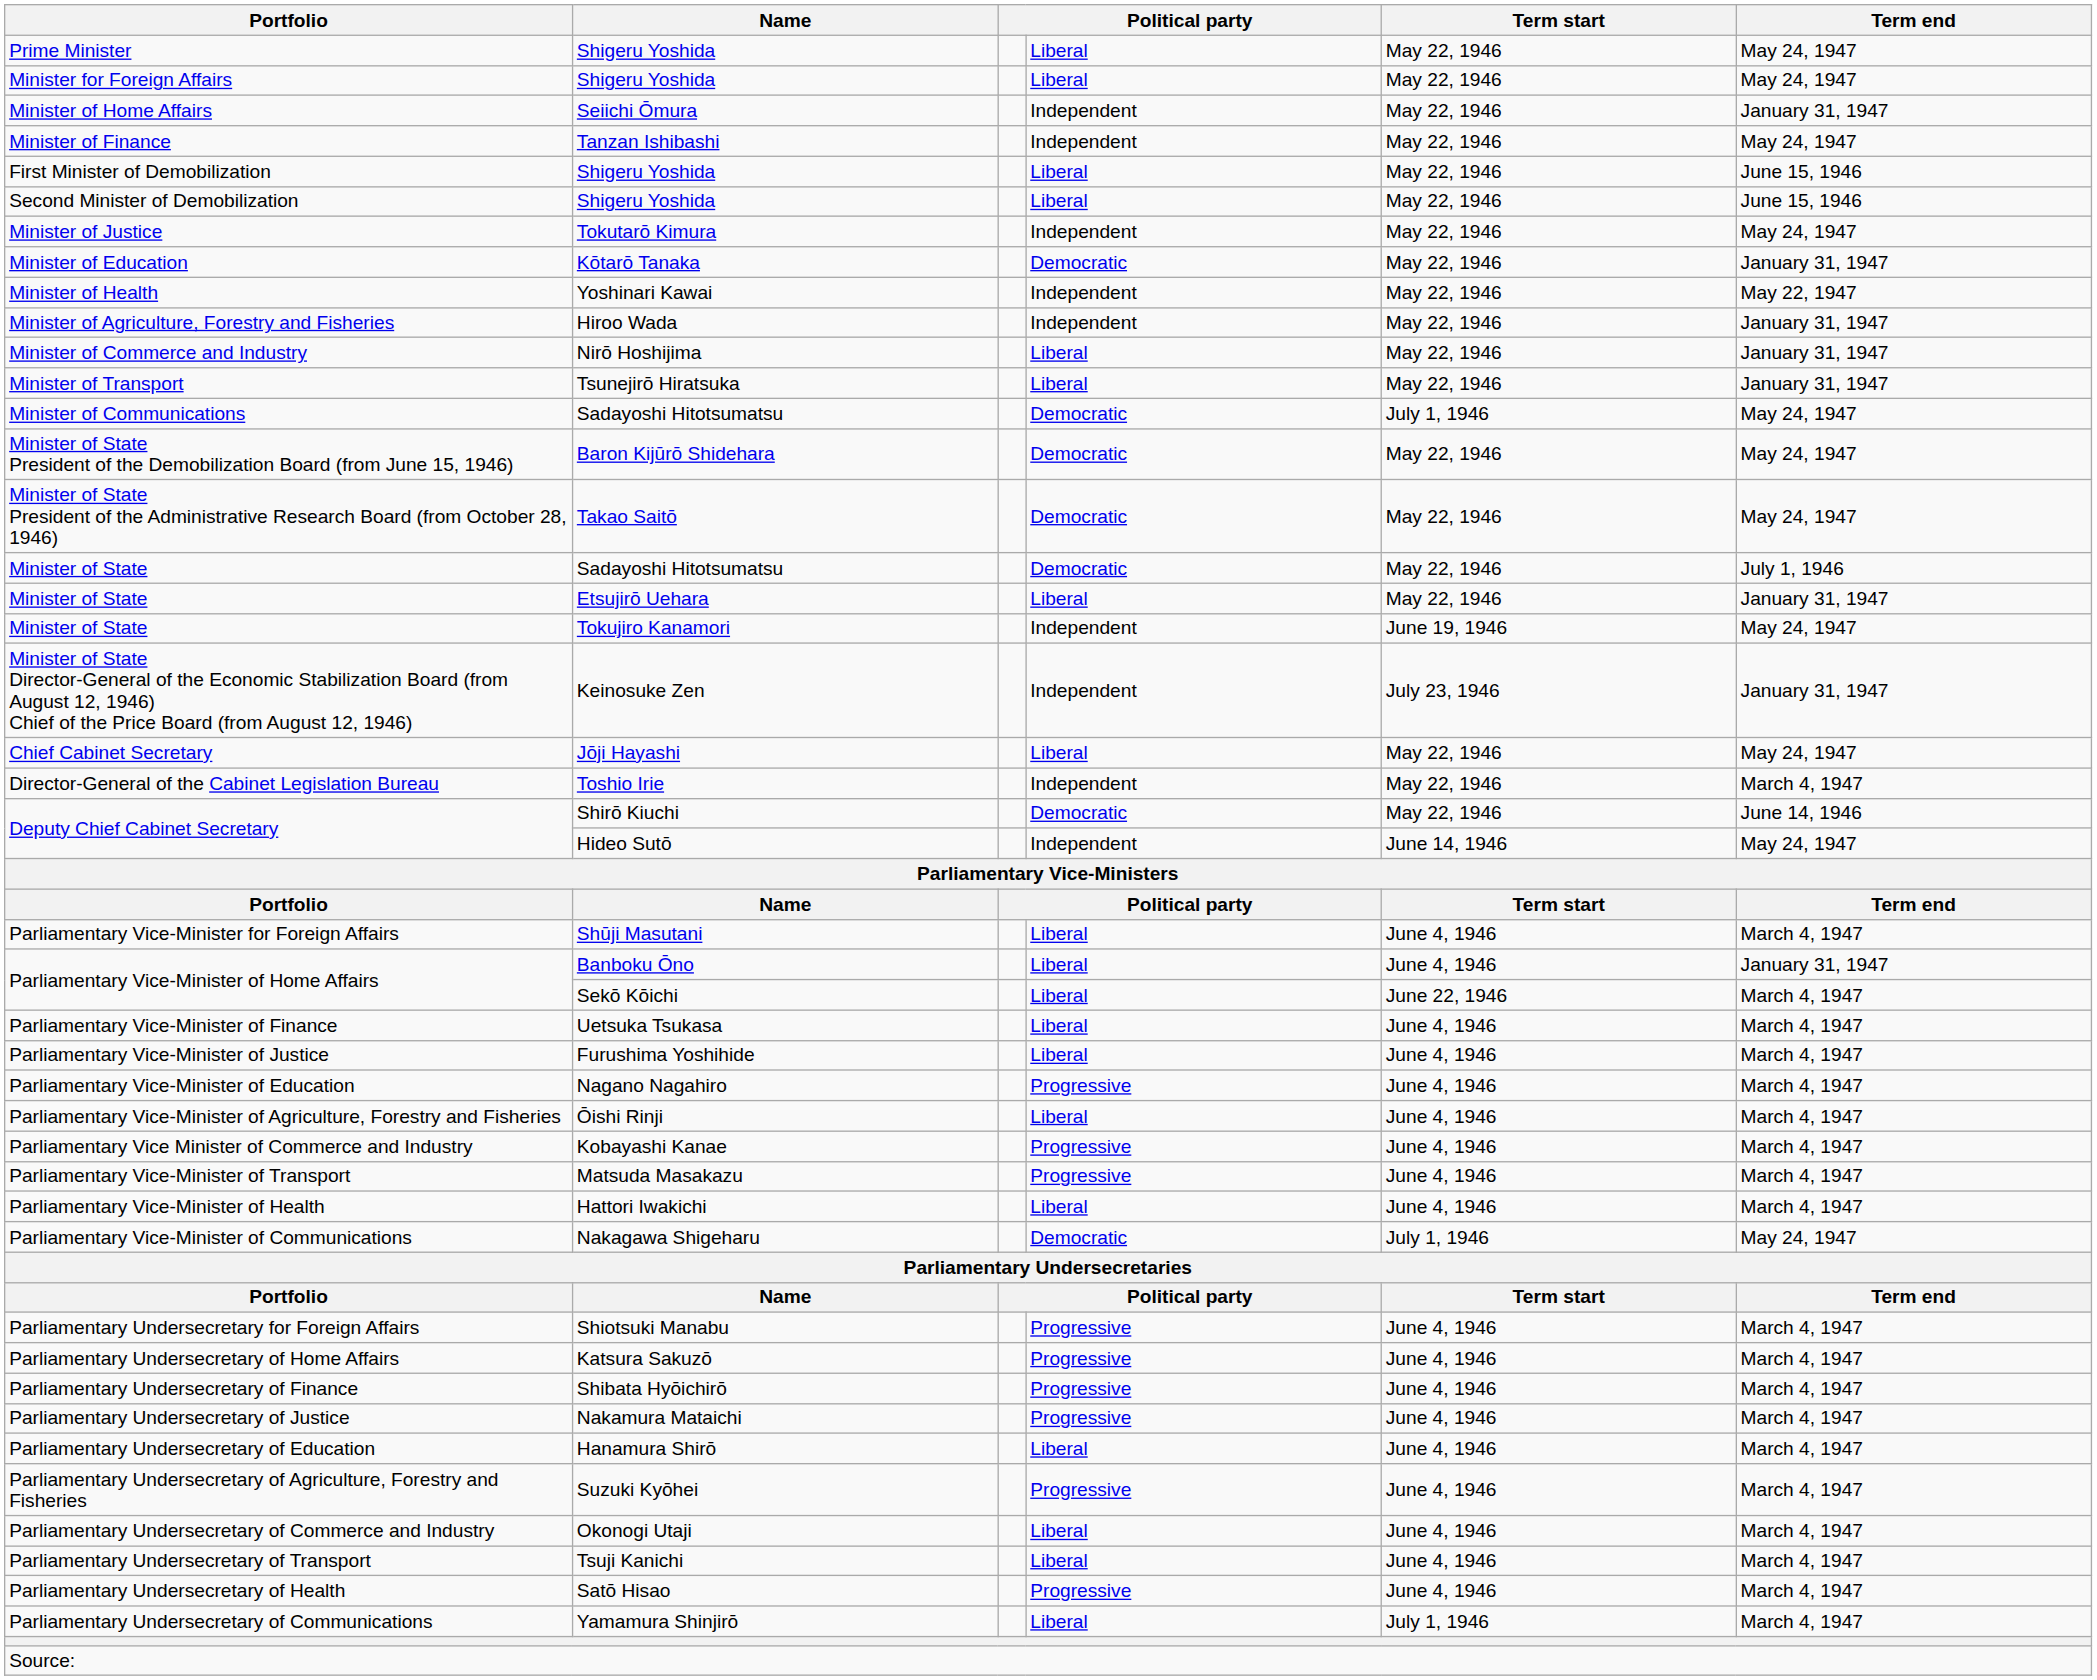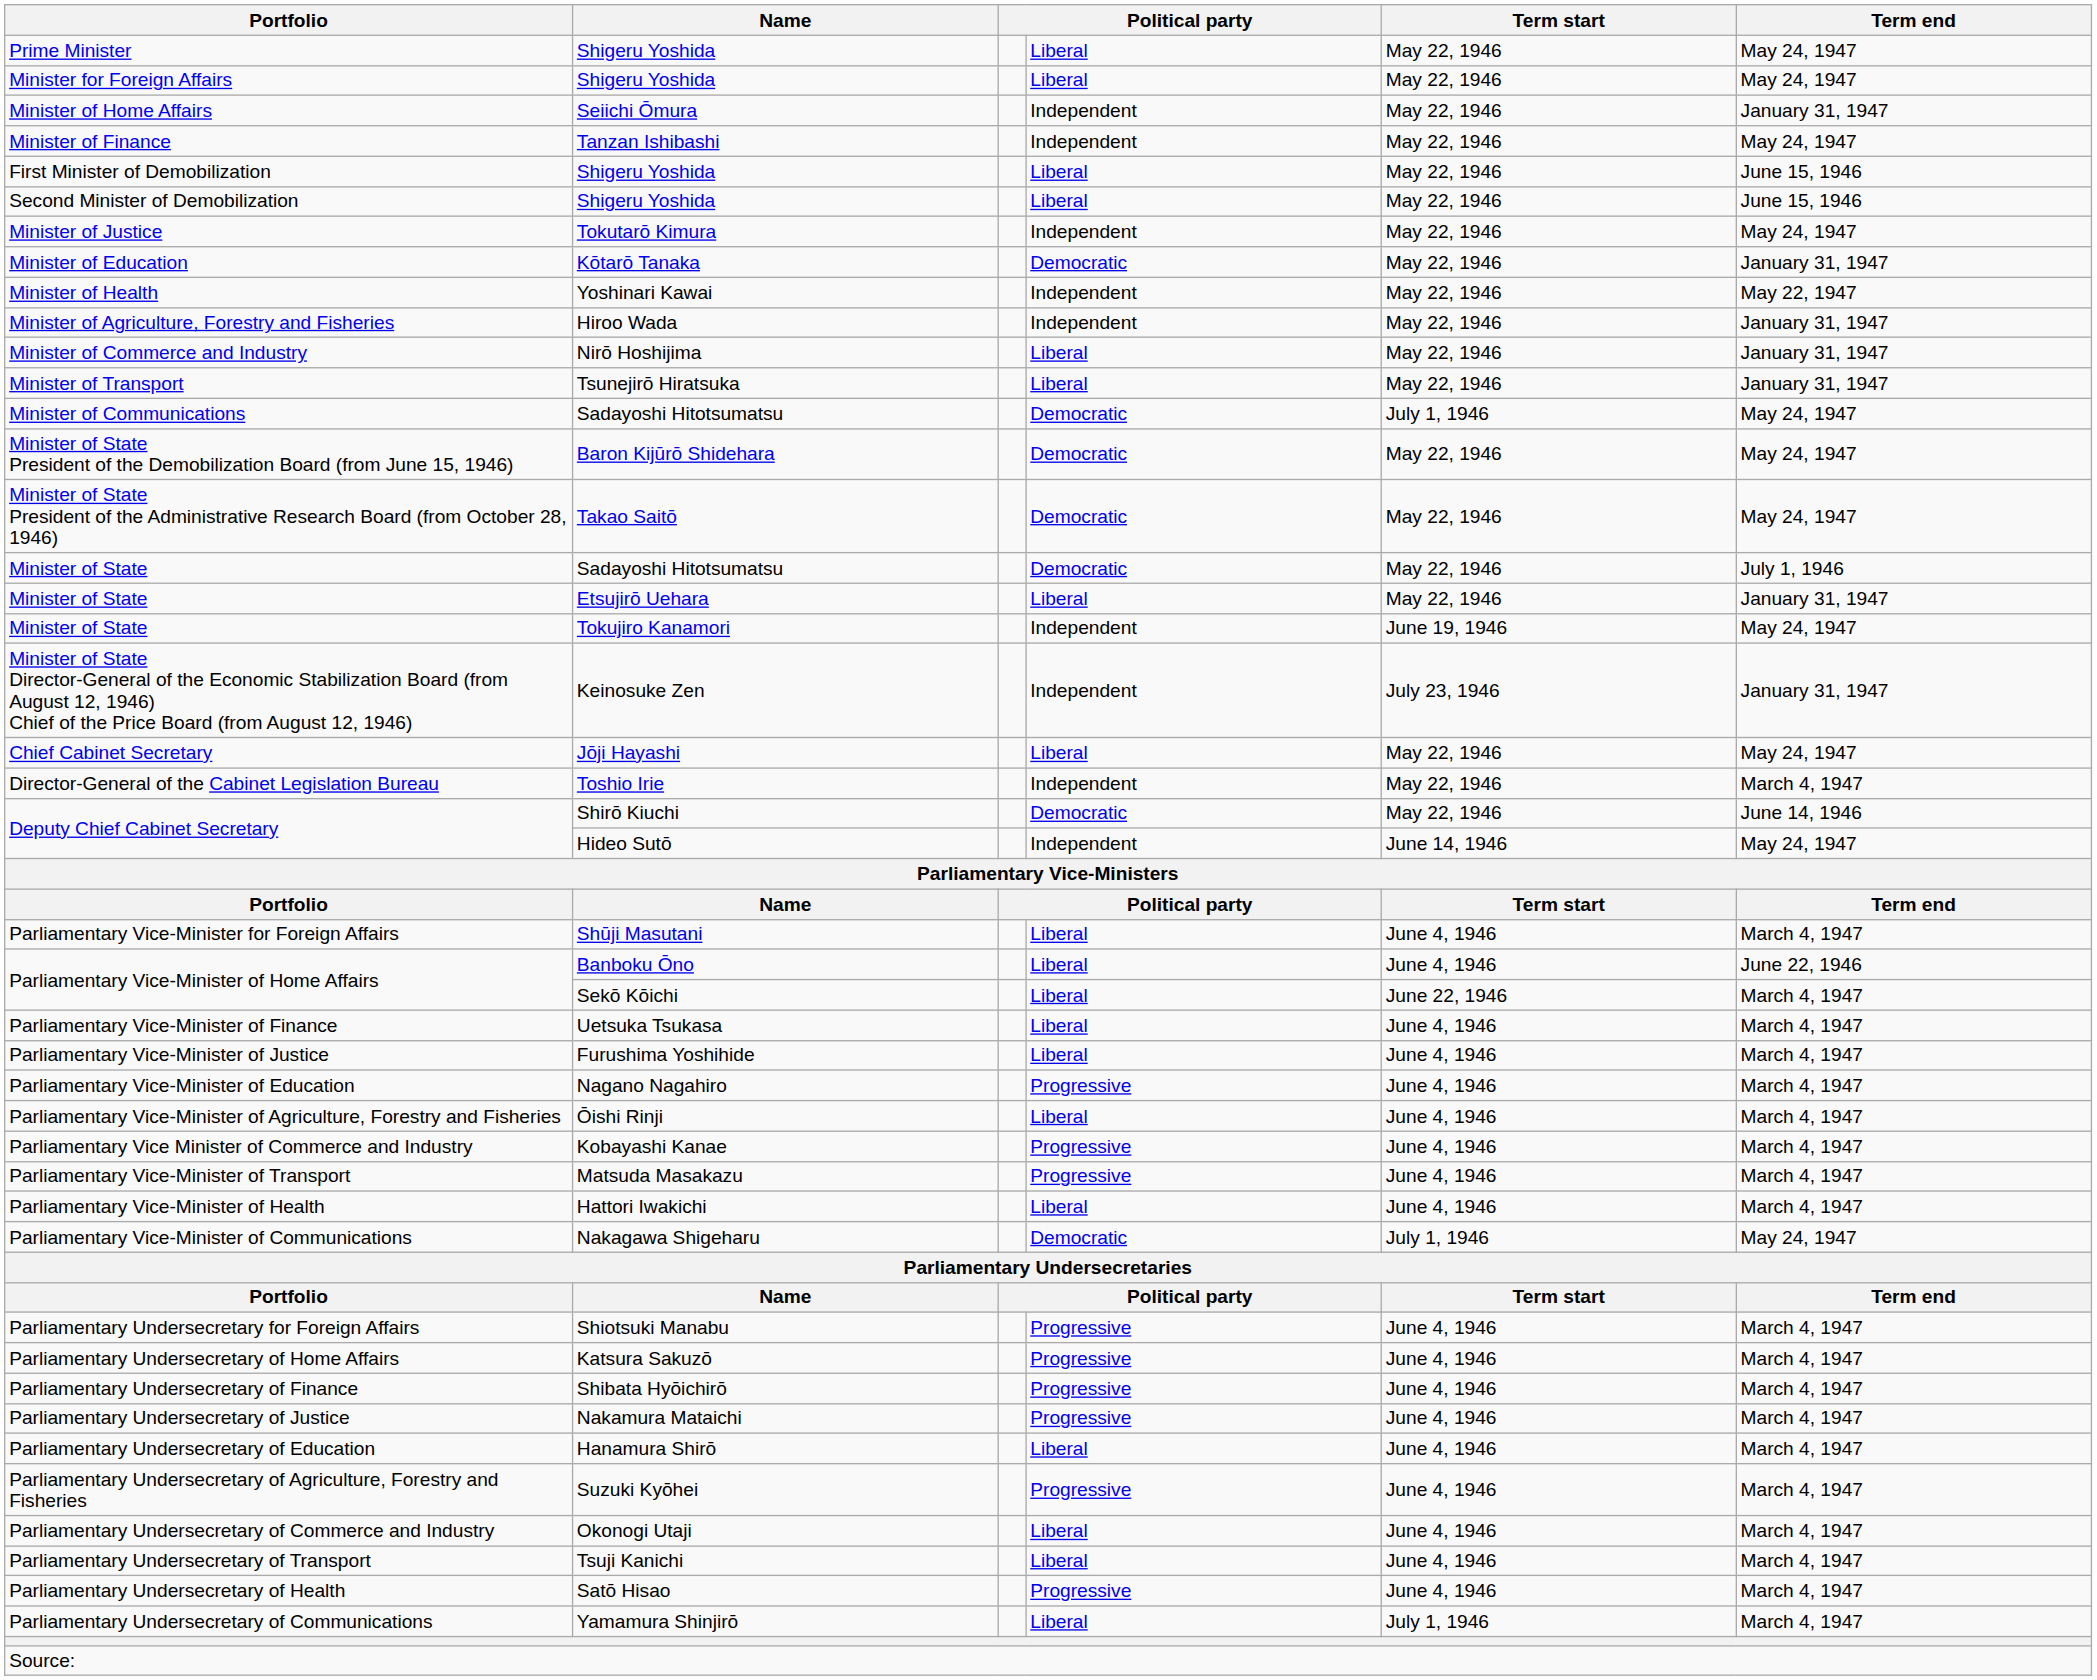 <table class="wikitable" style="font-size: 90%;">
 <tr>
 <th scope="col" width="20%">Portfolio</th>
 <th scope="col" width="15%">Name</th>
 <th colspan="2" scope="col" width="13.5%">Political party</th>
 <th scope="col" width="12.5%">Term start</th>
 <th scope="col" width="12.5%">Term end</th>
 </tr>
 <tr>
 <td style="text-align: left;"><a href='#'>Prime Minister</a></td>
 <td><a href='#'>Shigeru Yoshida</a></td>
 <td style="background:"></td>
 <td><a href='#'>Liberal</a></td>
 <td>May 22, 1946</td>
 <td>May 24, 1947</td>
 </tr>
 <tr>
 <td><a href='#'>Minister for Foreign Affairs</a></td>
 <td><a href='#'>Shigeru Yoshida</a></td>
 <td style="color:inherit;background:"></td>
 <td><a href='#'>Liberal</a></td>
 <td>May 22, 1946</td>
 <td>May 24, 1947</td>
 </tr>
 <tr>
 <td><a href='#'>Minister of Home Affairs</a></td>
 <td><a href='#'>Seiichi Ōmura</a></td>
 <td style="color:inherit;background:"></td>
 <td>Independent</td>
 <td>May 22, 1946</td>
 <td>January 31, 1947</td>
 </tr>
 <tr>
 <td><a href='#'>Minister of Finance</a></td>
 <td><a href='#'>Tanzan Ishibashi</a></td>
 <td style="color:inherit;background:"></td>
 <td>Independent</td>
 <td>May 22, 1946</td>
 <td>May 24, 1947</td>
 </tr>
 <tr>
 <td>First Minister of Demobilization</td>
 <td><a href='#'>Shigeru Yoshida</a></td>
 <td style="color:inherit;background:"></td>
 <td><a href='#'>Liberal</a></td>
 <td>May 22, 1946</td>
 <td>June 15, 1946</td>
 </tr>
 <tr>
 <td>Second Minister of Demobilization</td>
 <td><a href='#'>Shigeru Yoshida</a></td>
 <td style="color:inherit;background:"></td>
 <td><a href='#'>Liberal</a></td>
 <td>May 22, 1946</td>
 <td>June 15, 1946</td>
 </tr>
 <tr>
 <td><a href='#'>Minister of Justice</a></td>
 <td><a href='#'>Tokutarō Kimura</a></td>
 <td style="color:inherit;background:"></td>
 <td>Independent</td>
 <td>May 22, 1946</td>
 <td>May 24, 1947</td>
 </tr>
 <tr>
 <td><a href='#'>Minister of Education</a></td>
 <td><a href='#'>Kōtarō Tanaka</a></td>
 <td style="color:inherit;background:"></td>
 <td><a href='#'>Democratic</a></td>
 <td>May 22, 1946</td>
 <td>January 31, 1947</td>
 </tr>
 <tr>
 <td><a href='#'>Minister of Health</a></td>
 <td>Yoshinari Kawai</td>
 <td style="color:inherit;background:"></td>
 <td>Independent</td>
 <td>May 22, 1946</td>
 <td>May 22, 1947</td>
 </tr>
 <tr>
 <td><a href='#'>Minister of Agriculture, Forestry and Fisheries</a></td>
 <td>Hiroo Wada</td>
 <td style="color:inherit;background:"></td>
 <td>Independent</td>
 <td>May 22, 1946</td>
 <td>January 31, 1947</td>
 </tr>
 <tr>
 <td><a href='#'>Minister of Commerce and Industry</a></td>
 <td>Nirō Hoshijima</td>
 <td style="color:inherit;background:"></td>
 <td><a href='#'>Liberal</a></td>
 <td>May 22, 1946</td>
 <td>January 31, 1947</td>
 </tr>
 <tr>
 <td><a href='#'>Minister of Transport</a></td>
 <td>Tsunejirō Hiratsuka</td>
 <td style="color:inherit;background:"></td>
 <td><a href='#'>Liberal</a></td>
 <td>May 22, 1946</td>
 <td>January 31, 1947</td>
 </tr>
 <tr>
 <td><a href='#'>Minister of Communications</a></td>
 <td>Sadayoshi Hitotsumatsu</td>
 <td style="color:inherit;background:"></td>
 <td><a href='#'>Democratic</a></td>
 <td>July 1, 1946</td>
 <td>May 24, 1947</td>
 </tr>
 <tr>
 <td><a href='#'>Minister of State</a><br>President of the Demobilization Board (from June 15, 1946)</td>
 <td><a href='#'>Baron Kijūrō Shidehara</a></td>
 <td style="color:inherit;background:"></td>
 <td><a href='#'>Democratic</a></td>
 <td>May 22, 1946</td>
 <td>May 24, 1947</td>
 </tr>
 <tr>
 <td><a href='#'>Minister of State</a><br>President of the Administrative Research Board (from October 28, 1946)</td>
 <td><a href='#'>Takao Saitō</a></td>
 <td style="color:inherit;background:"></td>
 <td><a href='#'>Democratic</a></td>
 <td>May 22, 1946</td>
 <td>May 24, 1947</td>
 </tr>
 <tr>
 <td><a href='#'>Minister of State</a></td>
 <td>Sadayoshi Hitotsumatsu</td>
 <td style="color:inherit;background:"></td>
 <td><a href='#'>Democratic</a></td>
 <td>May 22, 1946</td>
 <td>July 1, 1946</td>
 </tr>
 <tr>
 <td><a href='#'>Minister of State</a></td>
 <td><a href='#'>Etsujirō Uehara</a></td>
 <td style="color:inherit;background:"></td>
 <td><a href='#'>Liberal</a></td>
 <td>May 22, 1946</td>
 <td>January 31, 1947</td>
 </tr>
 <tr>
 <td><a href='#'>Minister of State</a></td>
 <td><a href='#'>Tokujiro Kanamori</a></td>
 <td style="color:inherit;background:"></td>
 <td>Independent</td>
 <td>June 19, 1946</td>
 <td>May 24, 1947</td>
 </tr>
 <tr>
 <td><a href='#'>Minister of State</a><br>Director-General of the Economic Stabilization Board (from August 12, 1946)<br>Chief of the Price Board (from August 12, 1946)</td>
 <td>Keinosuke Zen</td>
 <td style="color:inherit;background:"></td>
 <td>Independent</td>
 <td>July 23, 1946</td>
 <td>January 31, 1947</td>
 </tr>
 <tr>
 <td><a href='#'>Chief Cabinet Secretary</a></td>
 <td><a href='#'>Jōji Hayashi</a></td>
 <td style="color:inherit;background:"></td>
 <td><a href='#'>Liberal</a></td>
 <td>May 22, 1946</td>
 <td>May 24, 1947</td>
 </tr>
 <tr>
 <td>Director-General of the <a href='#'>Cabinet Legislation Bureau</a></td>
 <td><a href='#'>Toshio Irie</a></td>
 <td style="color:inherit;background:"></td>
 <td>Independent</td>
 <td>May 22, 1946</td>
 <td>March 4, 1947</td>
 </tr>
 <tr>
 <td rowspan="2"><a href='#'>Deputy Chief Cabinet Secretary</a></td>
 <td>Shirō Kiuchi</td>
 <td style="color:inherit;background:"></td>
 <td><a href='#'>Democratic</a></td>
 <td>May 22, 1946</td>
 <td>June 14, 1946</td>
 </tr>
 <tr>
 <td>Hideo Sutō</td>
 <td style="color:inherit;background:"></td>
 <td>Independent</td>
 <td>June 14, 1946</td>
 <td>May 24, 1947</td>
 </tr>
 <tr>
 <th colspan="6">Parliamentary Vice-Ministers</th>
 </tr>
 <tr>
 <th>Portfolio</th>
 <th>Name</th>
 <th colspan="2">Political party</th>
 <th>Term start</th>
 <th>Term end</th>
 </tr>
 <tr>
 <td>Parliamentary Vice-Minister for Foreign Affairs</td>
 <td><a href='#'>Shūji Masutani</a></td>
 <td style="color:inherit;background:"></td>
 <td><a href='#'>Liberal</a></td>
 <td>June 4, 1946</td>
 <td>March 4, 1947</td>
 </tr>
 <tr>
 <td rowspan="2">Parliamentary Vice-Minister of Home Affairs</td>
 <td><a href='#'>Banboku Ōno</a></td>
 <td style="color:inherit;background:"></td>
 <td><a href='#'>Liberal</a></td>
 <td>June 4, 1946</td>
-<td>January 31, 1947</td>
+<td>June 22, 1946</td>
 </tr>
 <tr>
 <td>Sekō Kōichi</td>
 <td style="color:inherit;background:"></td>
 <td><a href='#'>Liberal</a></td>
 <td>June 22, 1946</td>
 <td>March 4, 1947</td>
 </tr>
 <tr>
 <td>Parliamentary Vice-Minister of Finance</td>
 <td>Uetsuka Tsukasa</td>
 <td style="color:inherit;background:"></td>
 <td><a href='#'>Liberal</a></td>
 <td>June 4, 1946</td>
 <td>March 4, 1947</td>
 </tr>
 <tr>
 <td>Parliamentary Vice-Minister of Justice</td>
 <td>Furushima Yoshihide</td>
 <td style="color:inherit;background:"></td>
 <td><a href='#'>Liberal</a></td>
 <td>June 4, 1946</td>
 <td>March 4, 1947</td>
 </tr>
 <tr>
 <td>Parliamentary Vice-Minister of Education</td>
 <td>Nagano Nagahiro</td>
 <td style="color:inherit;background:"></td>
 <td><a href='#'>Progressive</a></td>
 <td>June 4, 1946</td>
 <td>March 4, 1947</td>
 </tr>
 <tr>
 <td>Parliamentary Vice-Minister of Agriculture, Forestry and Fisheries</td>
 <td>Ōishi Rinji</td>
 <td style="color:inherit;background:"></td>
 <td><a href='#'>Liberal</a></td>
 <td>June 4, 1946</td>
 <td>March 4, 1947</td>
 </tr>
 <tr>
 <td>Parliamentary Vice Minister of Commerce and Industry</td>
 <td>Kobayashi Kanae</td>
 <td style="color:inherit;background:"></td>
 <td><a href='#'>Progressive</a></td>
 <td>June 4, 1946</td>
 <td>March 4, 1947</td>
 </tr>
 <tr>
 <td>Parliamentary Vice-Minister of Transport</td>
 <td>Matsuda Masakazu</td>
 <td style="color:inherit;background:"></td>
 <td><a href='#'>Progressive</a></td>
 <td>June 4, 1946</td>
 <td>March 4, 1947</td>
 </tr>
 <tr>
 <td>Parliamentary Vice-Minister of Health</td>
 <td>Hattori Iwakichi</td>
 <td style="color:inherit;background:"></td>
 <td><a href='#'>Liberal</a></td>
 <td>June 4, 1946</td>
 <td>March 4, 1947</td>
 </tr>
 <tr>
 <td>Parliamentary Vice-Minister of Communications</td>
 <td>Nakagawa Shigeharu</td>
 <td style="color:inherit;background:"></td>
 <td><a href='#'>Democratic</a></td>
 <td>July 1, 1946</td>
 <td>May 24, 1947</td>
 </tr>
 <tr>
 <th colspan="6">Parliamentary Undersecretaries</th>
 </tr>
 <tr>
 <th>Portfolio</th>
 <th>Name</th>
 <th colspan="2">Political party</th>
 <th>Term start</th>
 <th>Term end</th>
 </tr>
 <tr>
 <td>Parliamentary Undersecretary for Foreign Affairs</td>
 <td>Shiotsuki Manabu</td>
 <td style="color:inherit;background:"></td>
 <td><a href='#'>Progressive</a></td>
 <td>June 4, 1946</td>
 <td>March 4, 1947</td>
 </tr>
 <tr>
 <td>Parliamentary Undersecretary of Home Affairs</td>
 <td>Katsura Sakuzō</td>
 <td style="color:inherit;background:"></td>
 <td><a href='#'>Progressive</a></td>
 <td>June 4, 1946</td>
 <td>March 4, 1947</td>
 </tr>
 <tr>
 <td>Parliamentary Undersecretary of Finance</td>
 <td>Shibata Hyōichirō</td>
 <td style="color:inherit;background:"></td>
 <td><a href='#'>Progressive</a></td>
 <td>June 4, 1946</td>
 <td>March 4, 1947</td>
 </tr>
 <tr>
 <td>Parliamentary Undersecretary of Justice</td>
 <td>Nakamura Mataichi</td>
 <td style="color:inherit;background:"></td>
 <td><a href='#'>Progressive</a></td>
 <td>June 4, 1946</td>
 <td>March 4, 1947</td>
 </tr>
 <tr>
 <td>Parliamentary Undersecretary of Education</td>
 <td>Hanamura Shirō</td>
 <td style="color:inherit;background:"></td>
 <td><a href='#'>Liberal</a></td>
 <td>June 4, 1946</td>
 <td>March 4, 1947</td>
 </tr>
 <tr>
 <td>Parliamentary Undersecretary of Agriculture, Forestry and Fisheries</td>
 <td>Suzuki Kyōhei</td>
 <td style="color:inherit;background:"></td>
 <td><a href='#'>Progressive</a></td>
 <td>June 4, 1946</td>
 <td>March 4, 1947</td>
 </tr>
 <tr>
 <td>Parliamentary Undersecretary of Commerce and Industry</td>
 <td>Okonogi Utaji</td>
 <td style="color:inherit;background:"></td>
 <td><a href='#'>Liberal</a></td>
 <td>June 4, 1946</td>
 <td>March 4, 1947</td>
 </tr>
 <tr>
 <td>Parliamentary Undersecretary of Transport</td>
 <td>Tsuji Kanichi</td>
 <td style="color:inherit;background:"></td>
 <td><a href='#'>Liberal</a></td>
 <td>June 4, 1946</td>
 <td>March 4, 1947</td>
 </tr>
 <tr>
 <td>Parliamentary Undersecretary of Health</td>
 <td>Satō Hisao</td>
 <td style="color:inherit;background:"></td>
 <td><a href='#'>Progressive</a></td>
 <td>June 4, 1946</td>
 <td>March 4, 1947</td>
 </tr>
 <tr>
 <td>Parliamentary Undersecretary of Communications</td>
 <td>Yamamura Shinjirō</td>
 <td style="color:inherit;background:"></td>
 <td><a href='#'>Liberal</a></td>
 <td>July 1, 1946</td>
 <td>March 4, 1947</td>
 </tr>
 <tr>
 <th colspan="6"></th>
 </tr>
 <tr>
 <td colspan="6">Source:</td>
 </tr>
 </table>
